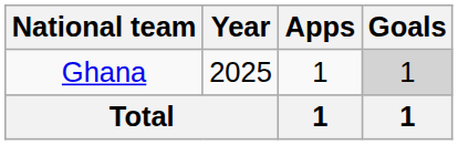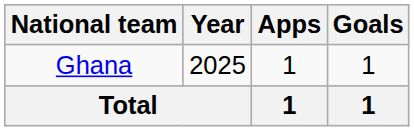 <table class="wikitable" style="text-align:center">
 <tr>
 <th>National team</th>
 <th>Year</th>
 <th>Apps</th>
 <th>Goals</th>
 </tr>
 <tr>
 <td><a href='#'>Ghana</a></td>
 <td>2025</td>
 <td>1</td>
-<td style="background: lightgrey;">1</td>
+<td>1</td>
 </tr>
 <tr>
 <th colspan="2">Total</th>
 <th>1</th>
 <th>1</th>
 </tr>
 </table>
